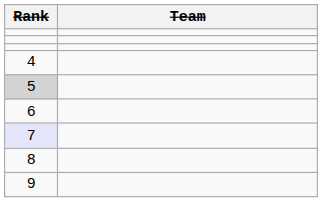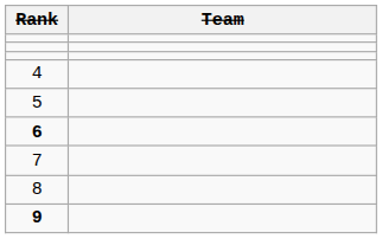 <table class=wikitable style="text-align:center">
 <tr>
 <th width=40><s>Rank</s></th>
 <th width=220><s>Team</s></th>
 </tr>
 <tr>
 <td></td>
 <td align=left></td>
 </tr>
 <tr>
 <td></td>
 <td align=left></td>
 </tr>
 <tr>
 <td></td>
 <td align=left></td>
 </tr>
 <tr>
 <td>4</td>
 <td align=left></td>
 </tr>
 <tr>
-<td style="background: lightgrey;">5</td>
+<td>5</td>
 <td align=left></td>
 </tr>
 <tr>
-<td>6</td>
+<td><strong>6</strong></td>
 <td align=left></td>
 </tr>
 <tr>
-<td style="background: lavender;">7</td>
+<td>7</td>
 <td align=left></td>
 </tr>
 <tr>
 <td>8</td>
 <td align=left></td>
 </tr>
 <tr>
-<td>9</td>
+<td><strong>9</strong></td>
 <td align=left></td>
 </tr>
 </table>
